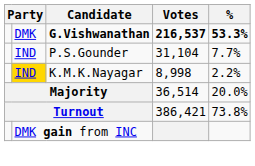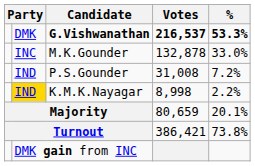 <table class="wikitable sortable">
 <tr>
 <th colspan="2">Party</th>
 <th>Candidate</th>
 <th>Votes</th>
 <th>%</th>
 </tr>
 <tr>
 <td></td>
 <td><a href='#'>DMK</a></td>
 <td><strong>G.Vishwanathan</strong></td>
 <td><strong>216,537</strong></td>
 <td><strong>53.3%</strong></td>
 </tr>
 <tr>
 <td></td>
+<td><a href='#'>INC</a></td>
+<td>M.K.Gounder</td>
+<td>132,878</td>
+<td>33.0%</td>
+</tr>
+<tr>
+<td></td>
 <td><a href='#'>IND</a></td>
 <td>P.S.Gounder</td>
-<td>31,104</td>
-<td>7.7%</td>
+<td>31,008</td>
+<td>7.2%</td>
 </tr>
 <tr>
 <td></td>
 <td style="background: gold;"><a href='#'>IND</a></td>
 <td>K.M.K.Nayagar</td>
 <td>8,998</td>
 <td>2.2%</td>
 </tr>
 <tr>
 <th colspan="3">Majority</th>
-<td>36,514</td>
-<td>20.0%</td>
+<td>80,659</td>
+<td>20.1%</td>
 </tr>
 <tr>
 <th colspan="3"><a href='#'>Turnout</a></th>
 <td>386,421</td>
 <td>73.8%</td>
 </tr>
 <tr>
 <td></td>
 <td colspan="2"><a href='#'>DMK</a> <strong>gain</strong> from <a href='#'>INC</a></td>
 <th></th>
 <td></td>
 </tr>
 </table>
